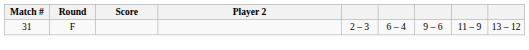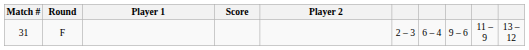 <table class="wikitable">
 <tr>
 <th width="2%">Match #</th>
 <th width="2%">Round</th>
+<th width="15%">Player 1</th>
 <th width="5%">Score</th>
 <th width="15%">Player 2</th>
 <th width="3%"></th>
 <th width="3%"></th>
 <th width="3%"></th>
 <th width="3%"></th>
 <th width="3%"></th>
 </tr>
 <tr style=text-align:center;"background:#;">
 <td>31</td>
 <td>F</td>
 <td></td>
 <td></td>
+<td></td>
 <td>2 – 3</td>
 <td>6 – 4</td>
 <td>9 – 6</td>
 <td>11 – 9</td>
 <td>13 – 12</td>
 </tr>
 </table>
